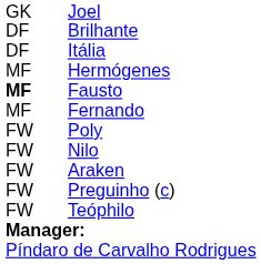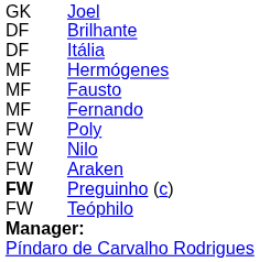 <table style="font-size: 90%" cellspacing="0" cellpadding="0" align=center>
 <tr>
 <th width="25"></th>
 <th width="25"></th>
 </tr>
 <tr>
 <td>GK</td>
 <td></td>
 <td><a href='#'>Joel</a></td>
 </tr>
 <tr>
 <td>DF</td>
 <td></td>
 <td><a href='#'>Brilhante</a></td>
 </tr>
 <tr>
 <td>DF</td>
 <td></td>
 <td><a href='#'>Itália</a></td>
 </tr>
 <tr>
 <td>MF</td>
 <td></td>
 <td><a href='#'>Hermógenes</a></td>
 </tr>
 <tr>
-<td><strong>MF</strong></td>
+<td>MF</td>
 <td></td>
 <td><a href='#'>Fausto</a></td>
 </tr>
 <tr>
 <td>MF</td>
 <td></td>
 <td><a href='#'>Fernando</a></td>
 </tr>
 <tr>
 <td>FW</td>
 <td></td>
 <td><a href='#'>Poly</a></td>
 </tr>
 <tr>
 <td>FW</td>
 <td></td>
 <td><a href='#'>Nilo</a></td>
 </tr>
 <tr>
 <td>FW</td>
 <td></td>
 <td><a href='#'>Araken</a></td>
 </tr>
 <tr>
-<td>FW</td>
+<td><strong>FW</strong></td>
 <td></td>
 <td><a href='#'>Preguinho</a> (<a href='#'>c</a>)</td>
 </tr>
 <tr>
 <td>FW</td>
 <td></td>
 <td><a href='#'>Teóphilo</a></td>
 </tr>
 <tr>
 <td colspan=3><strong>Manager:</strong></td>
 </tr>
 <tr>
 <td colspan=4><a href='#'>Píndaro de Carvalho Rodrigues</a></td>
 </tr>
 </table>
